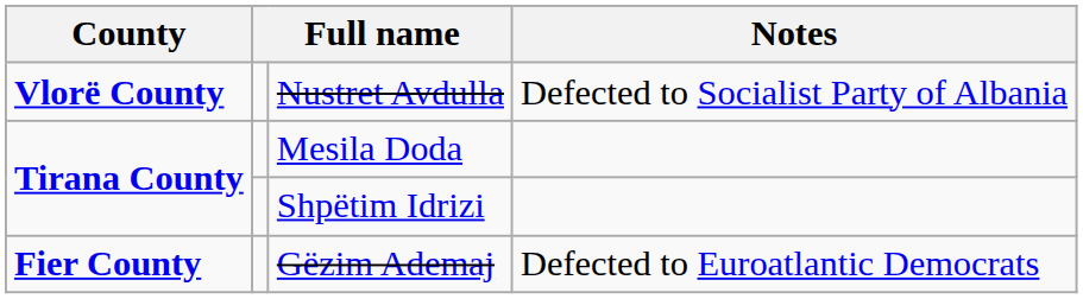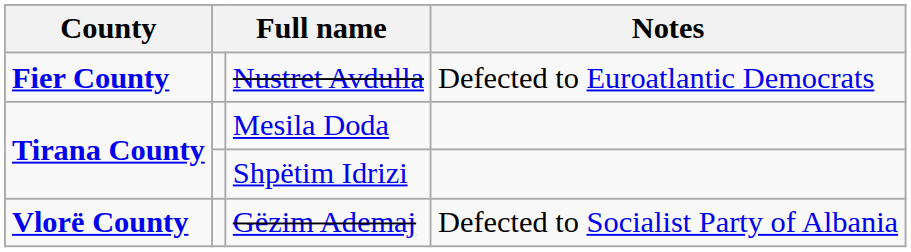 <table class="wikitable">
 <tr>
 <th>County</th>
 <th colspan="2">Full name</th>
 <th>Notes</th>
 </tr>
 <tr>
-<td><strong><a href='#'>Vlorë County</a></strong></td>
+<td><strong><a href='#'>Fier County</a></strong></td>
 <td></td>
 <td><s><a href='#'>Nustret Avdulla</a></s></td>
-<td>Defected to <a href='#'>Socialist Party of Albania</a></td>
+<td>Defected to <a href='#'>Euroatlantic Democrats</a></td>
 </tr>
 <tr>
 <td rowspan="2"><strong><a href='#'>Tirana County</a></strong></td>
 <td></td>
 <td><a href='#'>Mesila Doda</a></td>
 <td></td>
 </tr>
 <tr>
 <td></td>
 <td><a href='#'>Shpëtim Idrizi</a></td>
 <td></td>
 </tr>
 <tr>
-<td><strong><a href='#'>Fier County</a></strong></td>
+<td><strong><a href='#'>Vlorë County</a></strong></td>
 <td></td>
 <td><s><a href='#'>Gëzim Ademaj</a></s></td>
-<td>Defected to <a href='#'>Euroatlantic Democrats</a></td>
+<td>Defected to <a href='#'>Socialist Party of Albania</a></td>
 </tr>
 </table>
